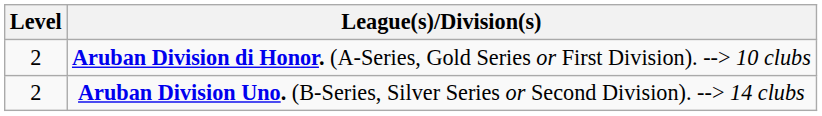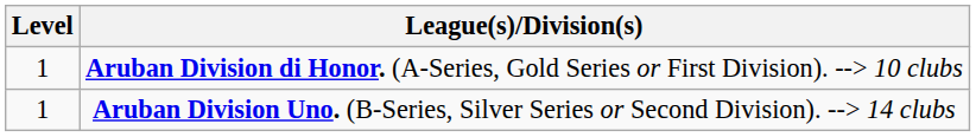 <table class="wikitable" style="text-align: center;">
 <tr>
 <th>Level</th>
 <th colspan="12">League(s)/Division(s)</th>
 </tr>
 <tr>
-<td>2</td>
+<td>1</td>
 <td colspan="12"><strong><a href='#'>Aruban Division di Honor</a>.</strong> (A-Series, Gold Series <em>or</em> First Division). --> <em>10 clubs</em></td>
 </tr>
 <tr>
-<td>2</td>
+<td>1</td>
 <td colspan="12"><strong><a href='#'>Aruban Division Uno</a>.</strong> (B-Series, Silver Series <em>or</em> Second Division). --> <em>14 clubs</em></td>
 </tr>
 </table>
